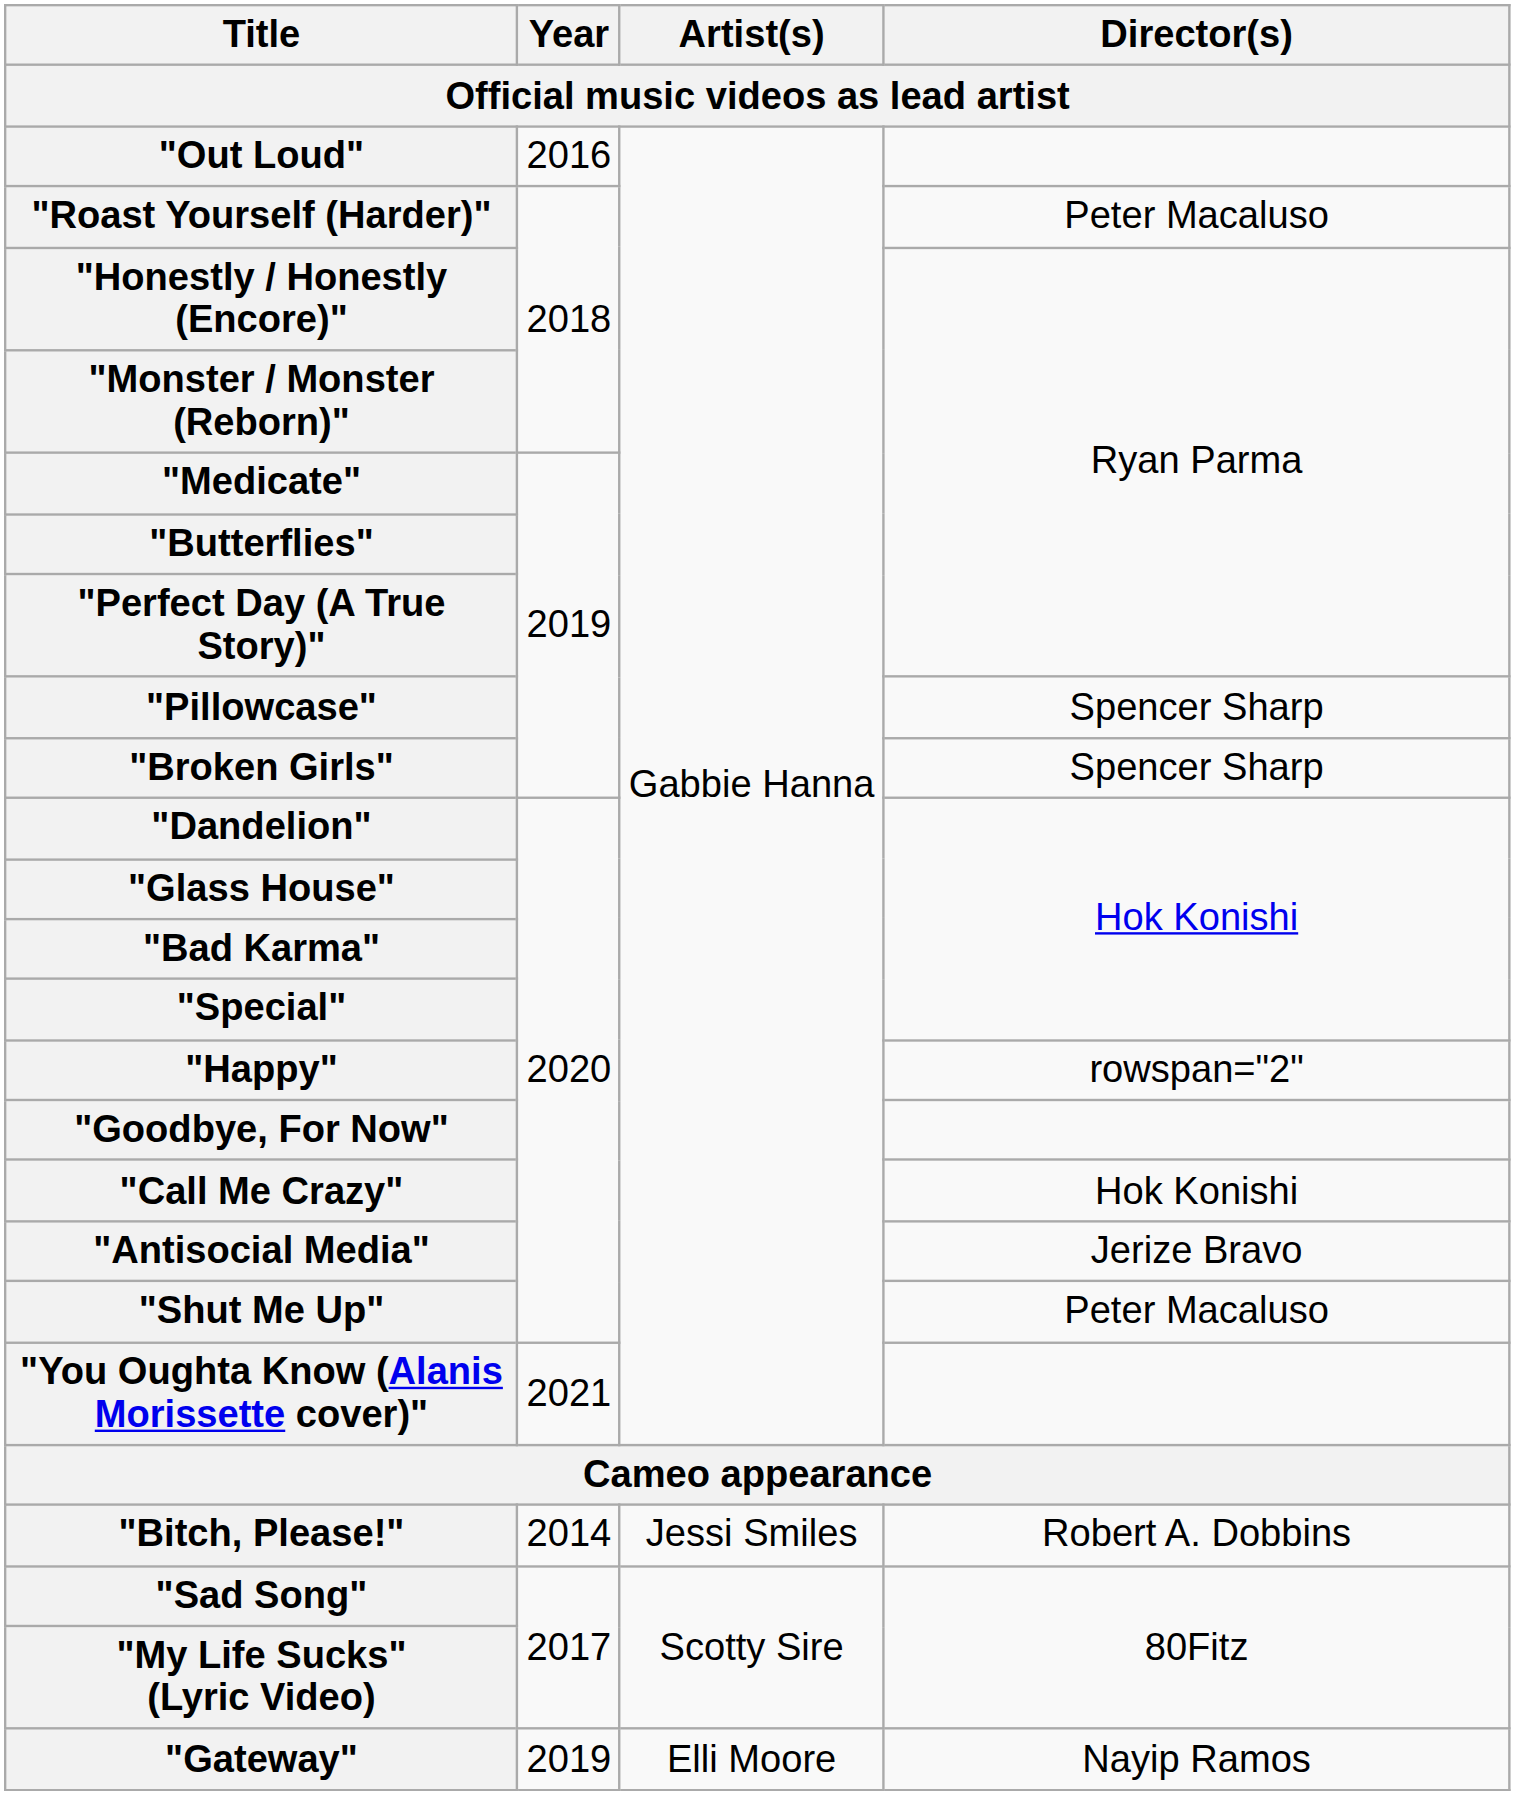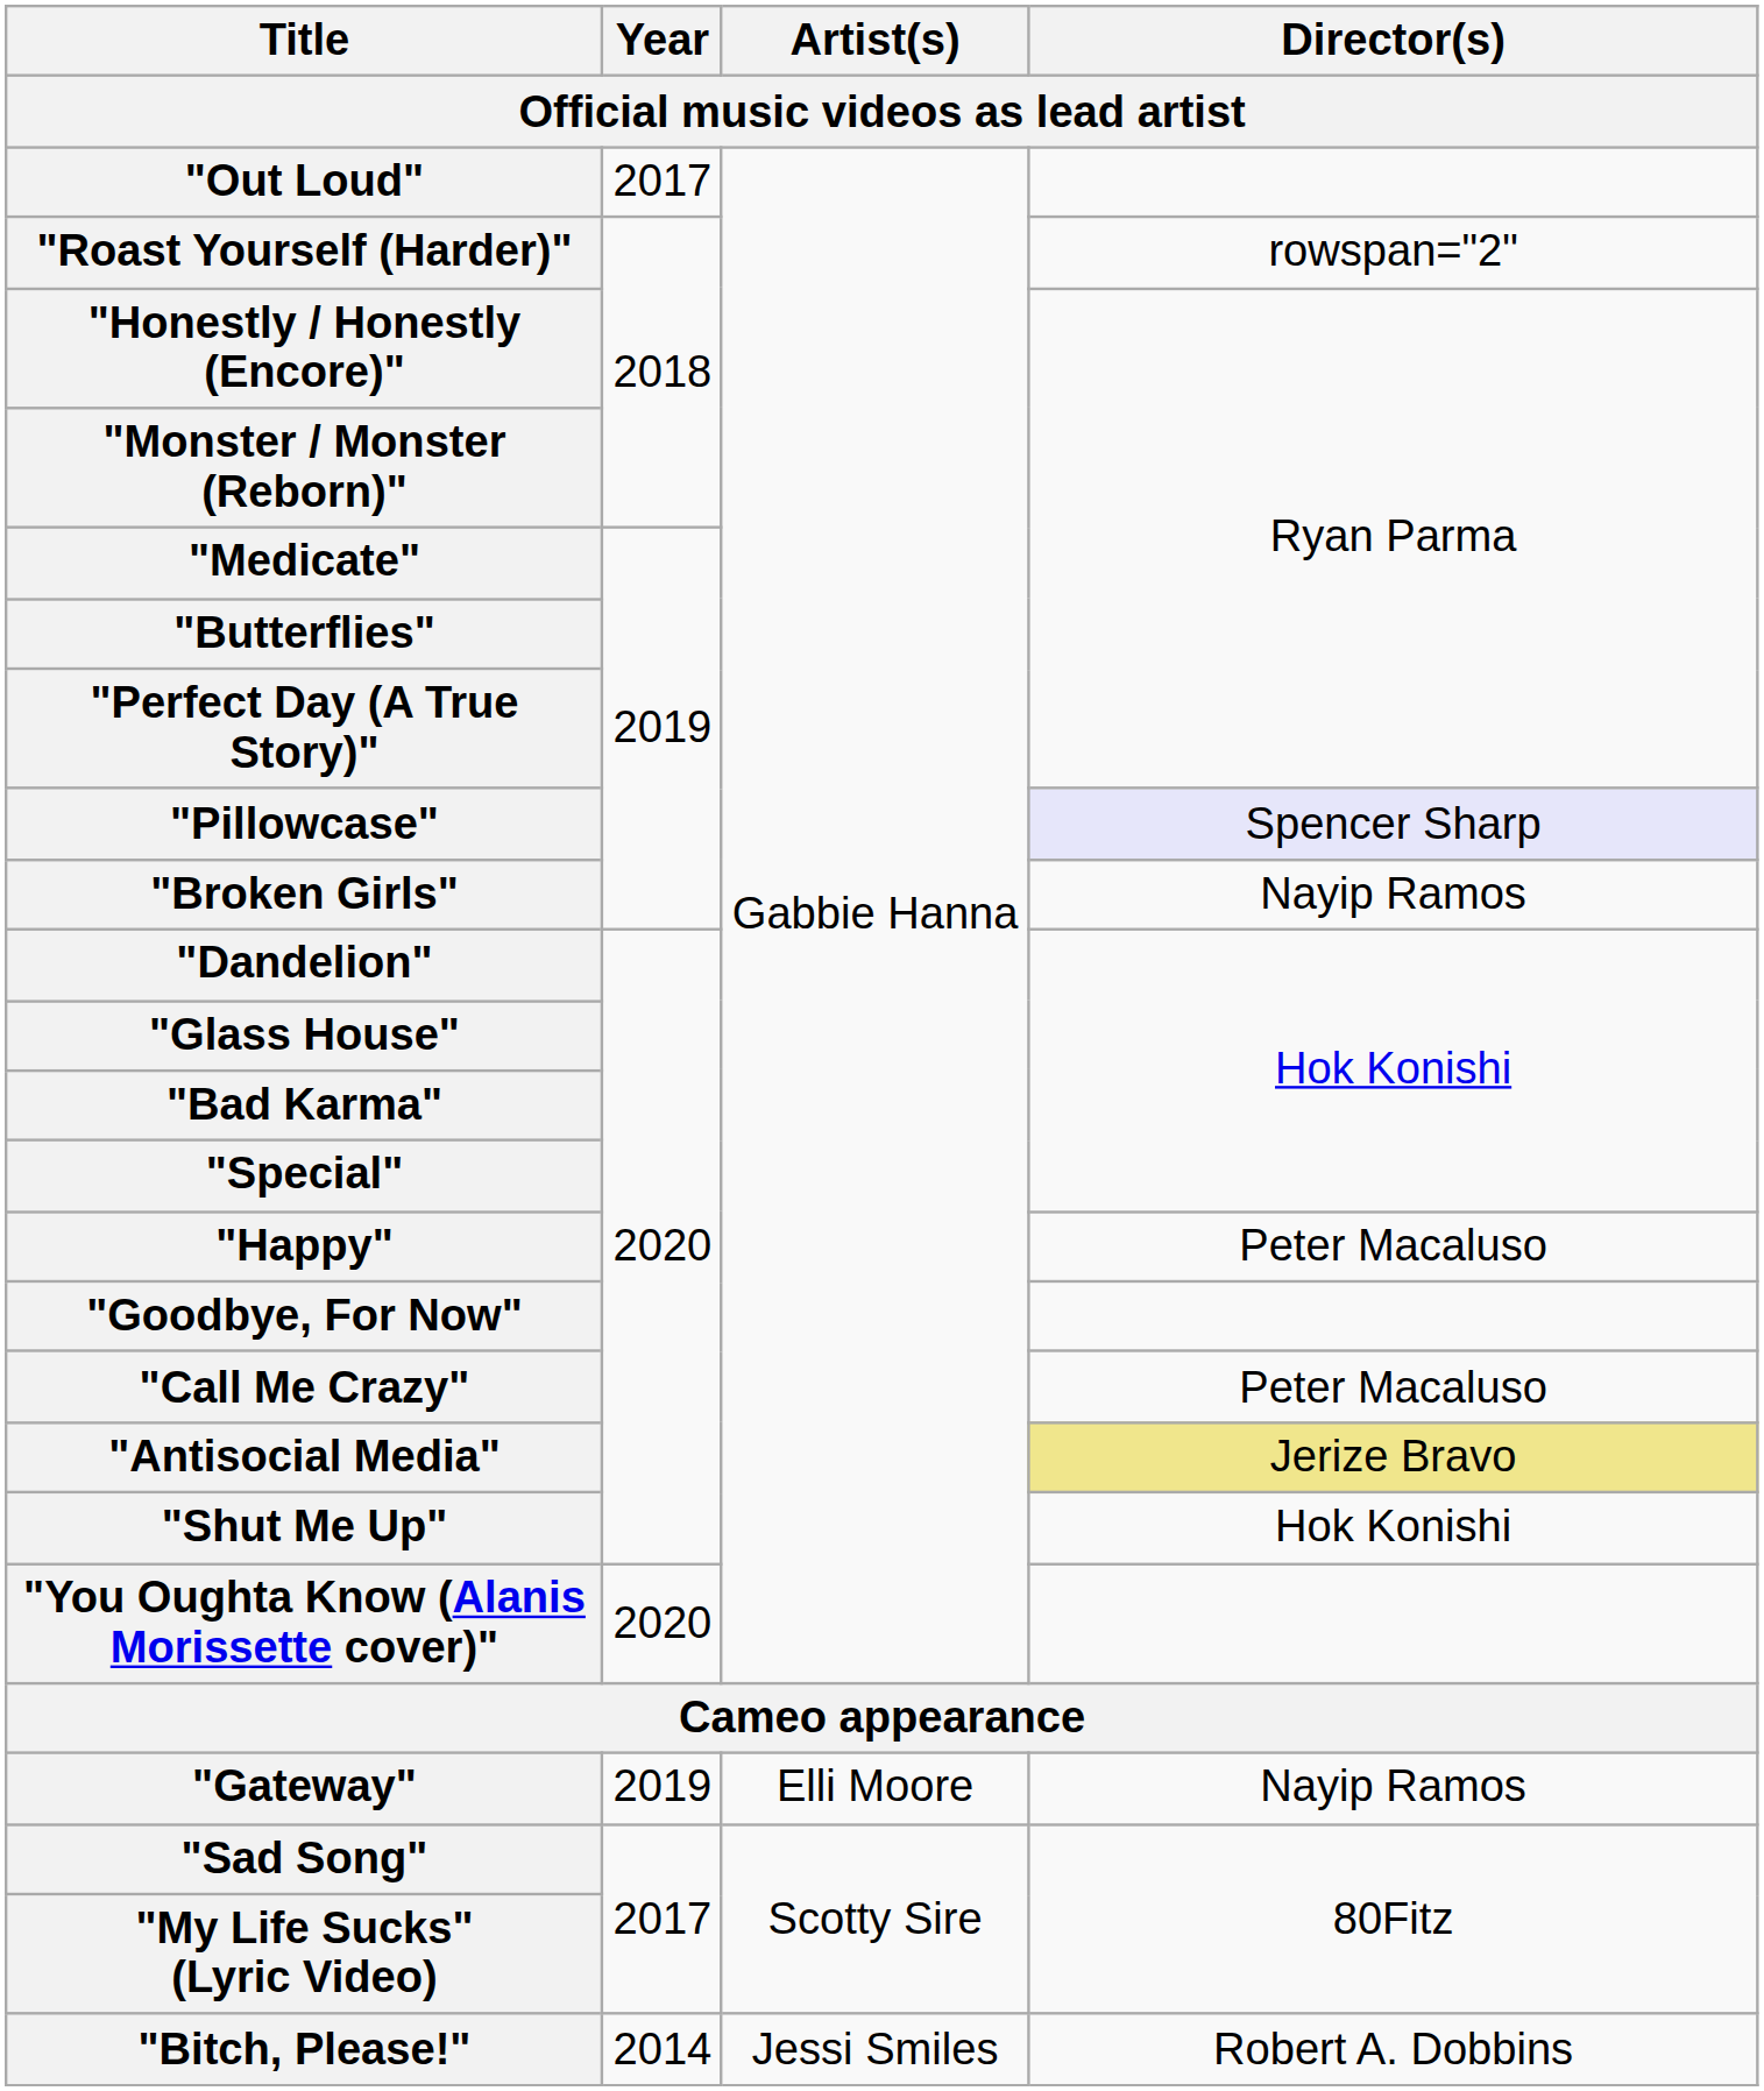 <table class="wikitable plainrowheaders" style="text-align:center;">
 <tr>
 <th scope="col" style="width:13em;">Title</th>
 <th scope="col">Year</th>
 <th scope="col">Artist(s)</th>
 <th scope="col" style="width:16em;">Director(s)</th>
 </tr>
 <tr>
 <th scope="col" colspan="4">Official music videos as lead artist</th>
 </tr>
 <tr>
 <th scope="row">"Out Loud"</th>
-<td>2016</td>
+<td>2017</td>
 <td rowspan="19">Gabbie Hanna</td>
 <td></td>
 </tr>
 <tr>
 <th scope="row">"Roast Yourself (Harder)"</th>
 <td rowspan="3">2018</td>
-<td>Peter Macaluso</td>
+<td>rowspan="2" </td>
 </tr>
 <tr>
 <th scope="row">"Honestly / Honestly (Encore)"</th>
 <td rowspan="5">Ryan Parma</td>
 </tr>
 <tr>
 <th scope="row">"Monster / Monster (Reborn)"</th>
 </tr>
 <tr>
 <th scope="row">"Medicate"</th>
 <td rowspan="5">2019</td>
 </tr>
 <tr>
 <th scope="row">"Butterflies"</th>
 </tr>
 <tr>
 <th scope="row">"Perfect Day (A True Story)"</th>
 </tr>
 <tr>
 <th scope="row">"Pillowcase"</th>
-<td>Spencer Sharp</td>
+<td style="background: lavender;">Spencer Sharp</td>
 </tr>
 <tr>
 <th scope="row">"Broken Girls"</th>
-<td>Spencer Sharp</td>
+<td>Nayip Ramos</td>
 </tr>
 <tr>
 <th scope="row">"Dandelion"</th>
 <td rowspan="9">2020</td>
 <td rowspan="4"><a href='#'>Hok Konishi</a></td>
 </tr>
 <tr>
 <th scope="row">"Glass House"</th>
 </tr>
 <tr>
 <th scope="row">"Bad Karma"</th>
 </tr>
 <tr>
 <th scope="row">"Special"</th>
 </tr>
 <tr>
 <th scope="row">"Happy"</th>
-<td>rowspan="2" </td>
+<td>Peter Macaluso</td>
 </tr>
 <tr>
 <th scope="row">"Goodbye, For Now"</th>
 </tr>
 <tr>
 <th scope="row">"Call Me Crazy"</th>
+<td>Peter Macaluso</td>
+</tr>
+<tr>
+<th scope="row">"Antisocial Media"</th>
+<td style="background: khaki;">Jerize Bravo</td>
+</tr>
+<tr>
+<th scope="row">"Shut Me Up"</th>
 <td>Hok Konishi</td>
 </tr>
 <tr>
-<th scope="row">"Antisocial Media"</th>
-<td>Jerize Bravo</td>
-</tr>
-<tr>
-<th scope="row">"Shut Me Up"</th>
-<td>Peter Macaluso</td>
-</tr>
-<tr>
 <th scope="row">"You Oughta Know (<a href='#'>Alanis Morissette</a> cover)"</th>
-<td>2021</td>
+<td>2020</td>
 <td></td>
 </tr>
 <tr>
 <th scope="col" colspan="4">Cameo appearance</th>
 </tr>
 <tr>
-<th scope="row">"Bitch, Please!"</th>
-<td>2014</td>
-<td>Jessi Smiles</td>
-<td>Robert A. Dobbins</td>
+<th scope="row">"Gateway"</th>
+<td>2019</td>
+<td>Elli Moore</td>
+<td>Nayip Ramos</td>
 </tr>
 <tr>
 <th scope="row">"Sad Song"</th>
 <td rowspan="2">2017</td>
 <td rowspan="2">Scotty Sire</td>
 <td rowspan="2">80Fitz</td>
 </tr>
 <tr>
 <th scope="row">"My Life Sucks"<br><span>(Lyric Video)</span></th>
 </tr>
 <tr>
-<th scope="row">"Gateway"</th>
-<td>2019</td>
-<td>Elli Moore</td>
-<td>Nayip Ramos</td>
+<th scope="row">"Bitch, Please!"</th>
+<td>2014</td>
+<td>Jessi Smiles</td>
+<td>Robert A. Dobbins</td>
 </tr>
 </table>
